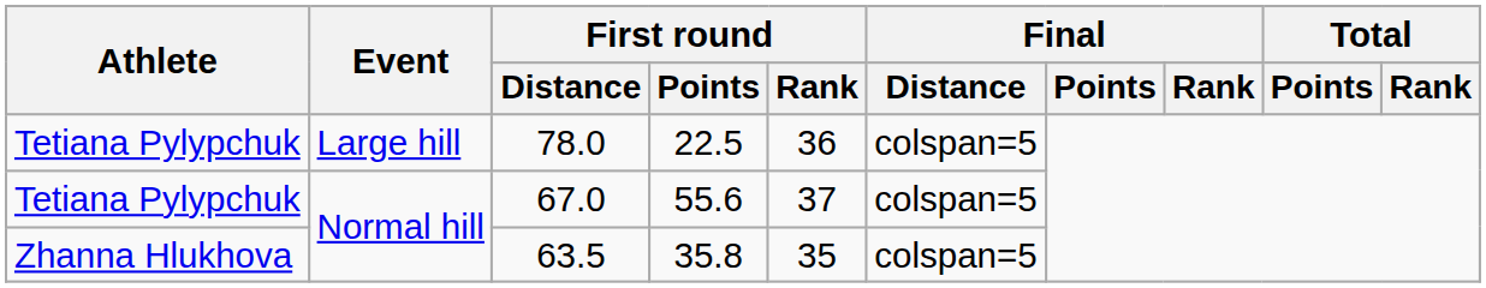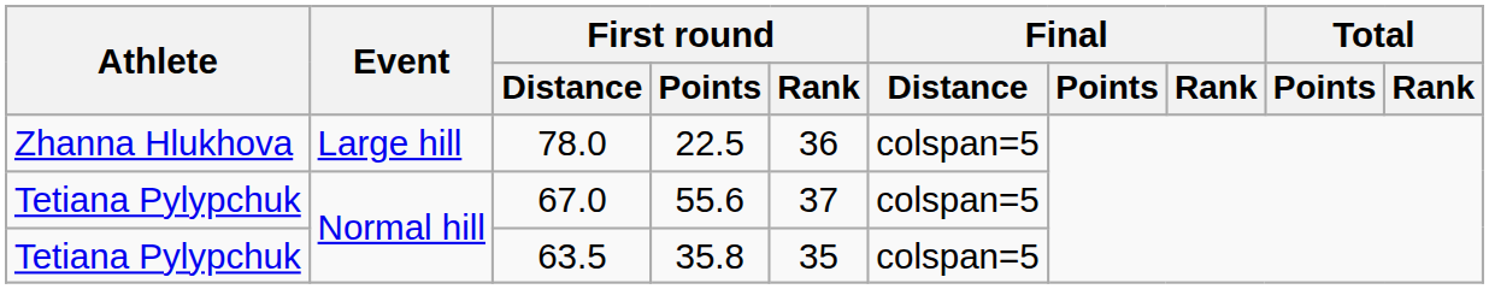 <table class=wikitable style=font-size:90%;text-align:center>
 <tr>
 <th rowspan=2>Athlete</th>
 <th rowspan=2>Event</th>
 <th colspan=3>First round</th>
 <th colspan=3>Final</th>
 <th colspan=2>Total</th>
 </tr>
 <tr style=font-size:95%>
 <th>Distance</th>
 <th>Points</th>
 <th>Rank</th>
 <th>Distance</th>
 <th>Points</th>
 <th>Rank</th>
 <th>Points</th>
 <th>Rank</th>
 </tr>
 <tr>
-<td align=left><a href='#'>Tetiana Pylypchuk</a></td>
+<td align=left><a href='#'>Zhanna Hlukhova</a></td>
 <td align=left><a href='#'>Large hill</a></td>
 <td>78.0</td>
 <td>22.5</td>
 <td>36</td>
 <td>colspan=5 </td>
 </tr>
 <tr>
 <td align=left><a href='#'>Tetiana Pylypchuk</a></td>
 <td align=left rowspan=2><a href='#'>Normal hill</a></td>
 <td>67.0</td>
 <td>55.6</td>
 <td>37</td>
 <td>colspan=5 </td>
 </tr>
 <tr>
-<td align=left><a href='#'>Zhanna Hlukhova</a></td>
+<td align=left><a href='#'>Tetiana Pylypchuk</a></td>
 <td>63.5</td>
 <td>35.8</td>
 <td>35</td>
 <td>colspan=5 </td>
 </tr>
 </table>
